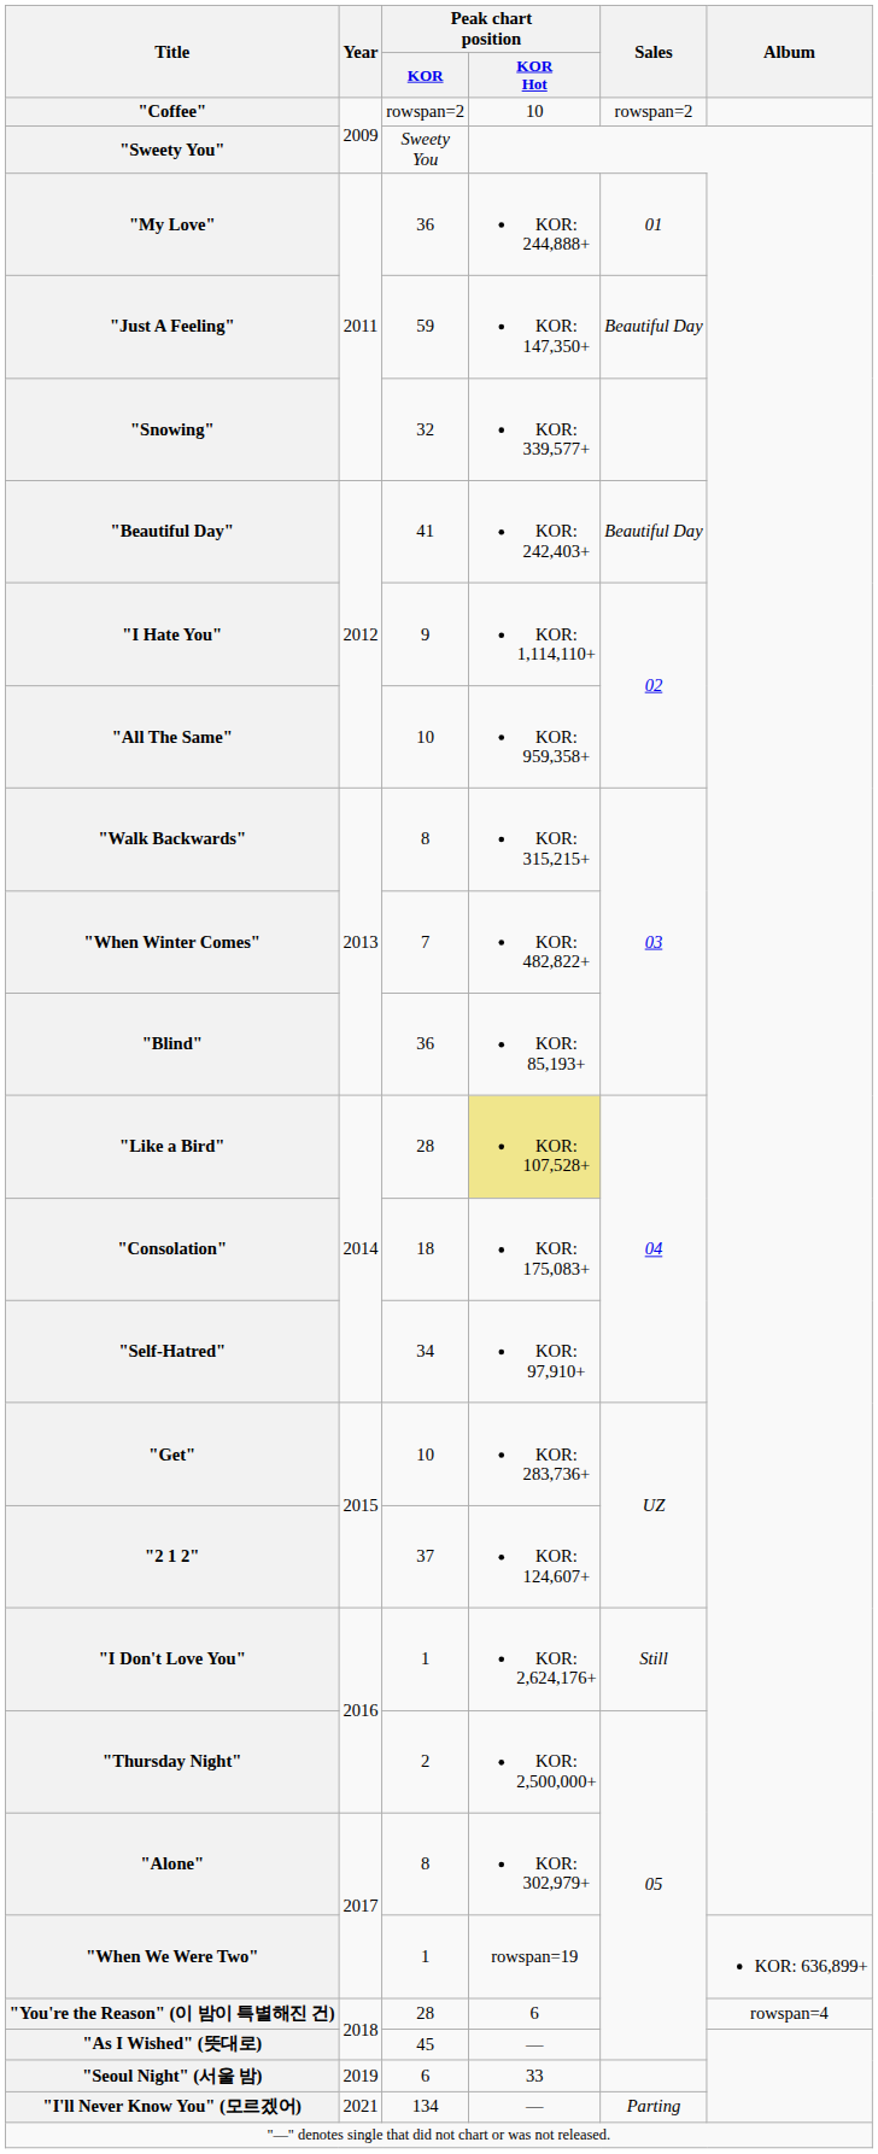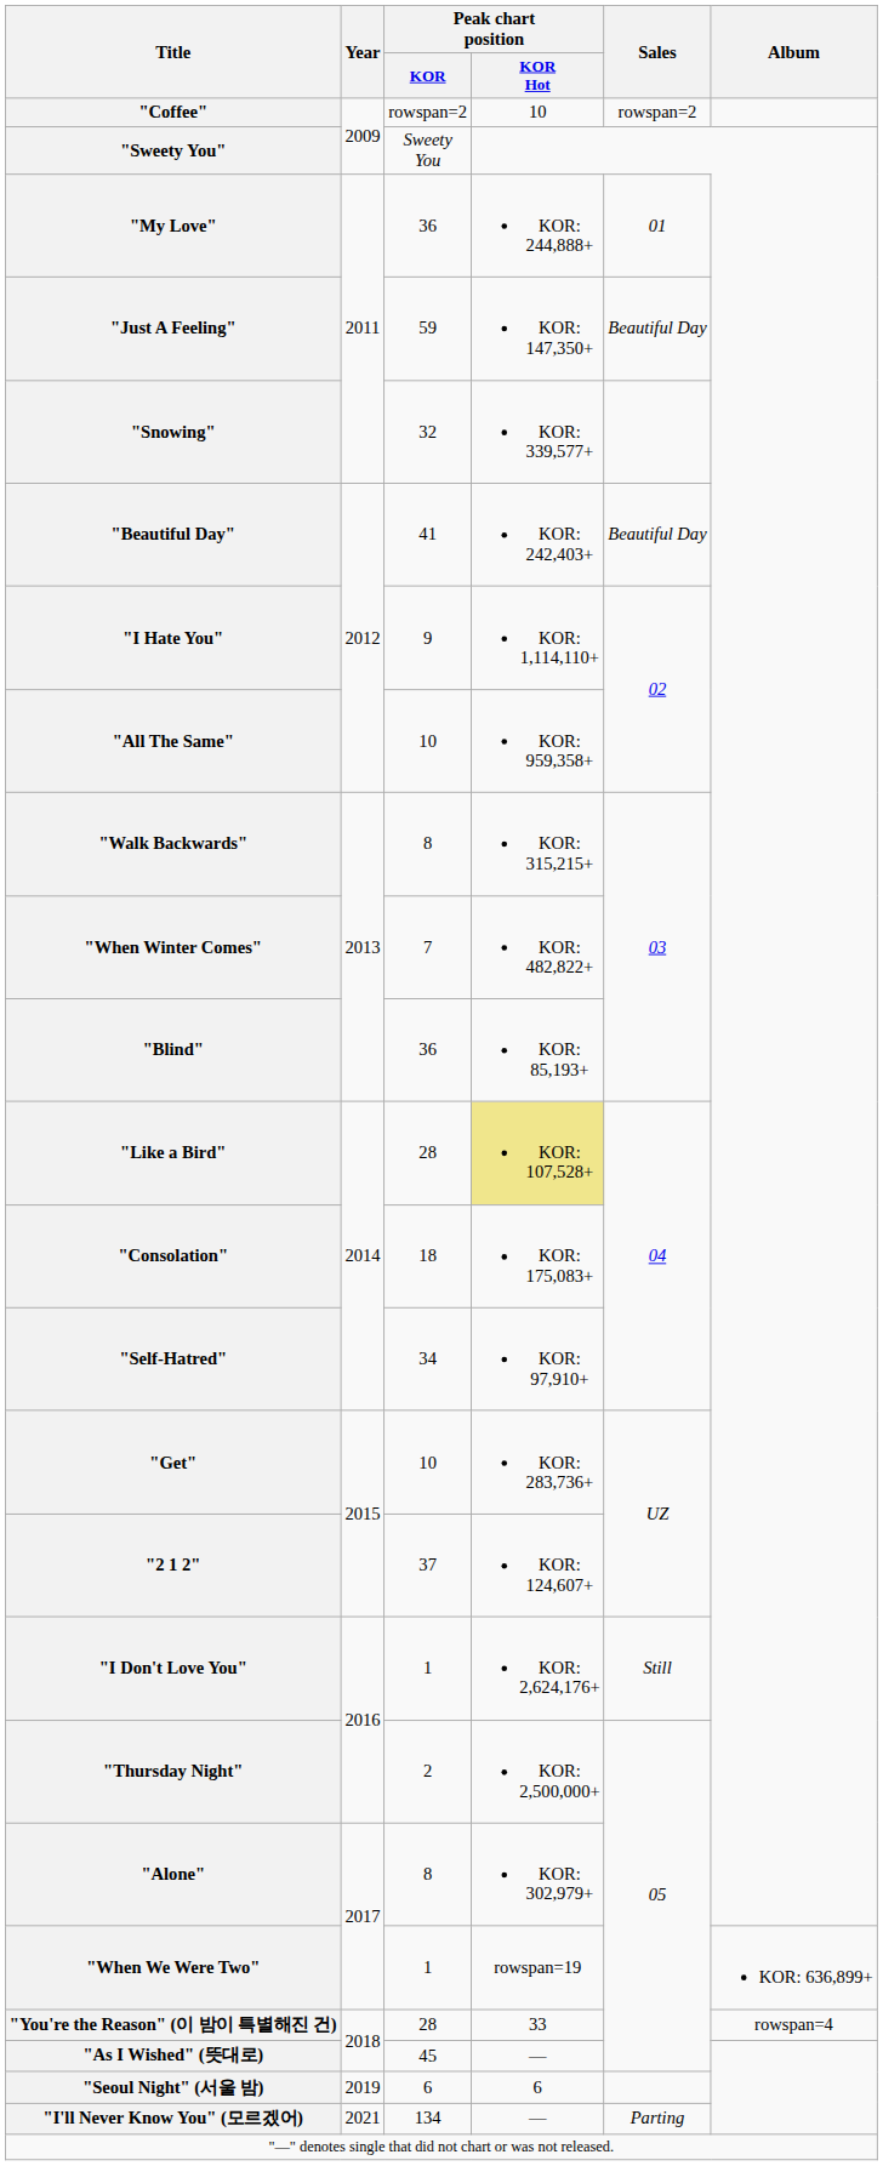 <table class="wikitable plainrowheaders" style="text-align:center">
 <tr>
 <th scope="col" rowspan="2">Title</th>
 <th scope="col" rowspan="2">Year</th>
 <th scope="col" colspan="2">Peak chart<br>position</th>
 <th scope="col" rowspan="2">Sales</th>
 <th scope="col" rowspan="2">Album</th>
 </tr>
 <tr>
 <th scope="col" style="width:2.5em;font-size:90%;"><a href='#'>KOR</a><br></th>
 <th scope="col" style="width:2.5em;font-size:90%;"><a href='#'>KOR<br>Hot</a><br></th>
 </tr>
 <tr>
 <th scope="row">"Coffee" </th>
 <td rowspan=2>2009</td>
 <td>rowspan=2 </td>
 <td>10</td>
 <td>rowspan=2 </td>
 <td></td>
 </tr>
 <tr>
 <th scope="row">"Sweety You"</th>
 <td><em>Sweety You</em></td>
 </tr>
 <tr>
 <th scope="row">"My Love" </th>
 <td rowspan="3">2011</td>
 <td>36</td>
 <td><br><ul><li>KOR: 244,888+</li></ul></td>
 <td><em>01</em></td>
 </tr>
 <tr>
 <th scope="row">"Just A Feeling"</th>
 <td>59</td>
 <td><br><ul><li>KOR: 147,350+</li></ul></td>
 <td><em>Beautiful Day</em></td>
 </tr>
 <tr>
 <th scope="row">"Snowing"</th>
 <td>32</td>
 <td><br><ul><li>KOR: 339,577+</li></ul></td>
 <td></td>
 </tr>
 <tr>
 <th scope="row">"Beautiful Day"</th>
 <td rowspan="3">2012</td>
 <td>41</td>
 <td><br><ul><li>KOR: 242,403+</li></ul></td>
 <td><em>Beautiful Day</em></td>
 </tr>
 <tr>
 <th scope="row">"I Hate You" </th>
 <td>9</td>
 <td><br><ul><li>KOR: 1,114,110+</li></ul></td>
 <td rowspan=2><em><a href='#'>02</a></em></td>
 </tr>
 <tr>
 <th scope="row">"All The Same" </th>
 <td>10</td>
 <td><br><ul><li>KOR: 959,358+ </li></ul></td>
 </tr>
 <tr>
 <th scope="row">"Walk Backwards" </th>
 <td rowspan=3>2013</td>
 <td>8</td>
 <td><br><ul><li>KOR: 315,215+</li></ul></td>
 <td rowspan=3><em><a href='#'>03</a></em></td>
 </tr>
 <tr>
 <th scope="row">"When Winter Comes" </th>
 <td>7</td>
 <td><br><ul><li>KOR: 482,822+</li></ul></td>
 </tr>
 <tr>
 <th scope="row">"Blind" </th>
 <td>36</td>
 <td><br><ul><li>KOR: 85,193+</li></ul></td>
 </tr>
 <tr>
 <th scope="row">"Like a Bird"</th>
 <td rowspan="3">2014</td>
 <td>28</td>
 <td style="background: khaki;"><br><ul><li>KOR: 107,528+</li></ul></td>
 <td rowspan="3"><em><a href='#'>04</a></em></td>
 </tr>
 <tr>
 <th scope="row">"Consolation" </th>
 <td>18</td>
 <td><br><ul><li>KOR: 175,083+</li></ul></td>
 </tr>
 <tr>
 <th scope="row">"Self-Hatred" </th>
 <td>34</td>
 <td><br><ul><li>KOR: 97,910+</li></ul></td>
 </tr>
 <tr>
 <th scope="row">"Get"<br></th>
 <td rowspan=2>2015</td>
 <td>10</td>
 <td><br><ul><li>KOR: 283,736+</li></ul></td>
 <td rowspan=2><em>UZ</em></td>
 </tr>
 <tr>
 <th scope="row">"2 1 2" </th>
 <td>37</td>
 <td><br><ul><li>KOR: 124,607+</li></ul></td>
 </tr>
 <tr>
 <th scope="row">"I Don't Love You" </th>
 <td rowspan="2">2016</td>
 <td>1</td>
 <td><br><ul><li>KOR: 2,624,176+</li></ul></td>
 <td><em>Still</em></td>
 </tr>
 <tr>
 <th scope="row">"Thursday Night" </th>
 <td>2</td>
 <td><br><ul><li>KOR: 2,500,000+</li></ul></td>
 <td rowspan="5"><em>05</em></td>
 </tr>
 <tr>
 <th scope="row">"Alone" </th>
 <td rowspan="2">2017</td>
 <td>8</td>
 <td><br><ul><li>KOR: 302,979+</li></ul></td>
 </tr>
 <tr>
 <th scope="row">"When We Were Two" </th>
 <td>1</td>
 <td>rowspan=19 </td>
 <td><br><ul><li>KOR: 636,899+</li></ul></td>
 </tr>
 <tr>
 <th scope="row">"You're the Reason" (이 밤이 특별해진 건)</th>
 <td rowspan=2>2018</td>
 <td>28</td>
-<td>6</td>
+<td>33</td>
 <td>rowspan=4 </td>
 </tr>
 <tr>
 <th scope="row">"As I Wished" (뜻대로)</th>
 <td>45</td>
 <td>—</td>
 </tr>
 <tr>
 <th scope="row">"Seoul Night" (서울 밤)<br></th>
 <td>2019</td>
 <td>6</td>
-<td>33</td>
+<td>6</td>
 <td></td>
 </tr>
 <tr>
 <th scope="row">"I'll Never Know You" (모르겠어)</th>
 <td>2021</td>
 <td>134</td>
 <td>—</td>
 <td><em>Parting</em></td>
 </tr>
 <tr>
 <td colspan="6" style="font-size:85%">"—" denotes single that did not chart or was not released.</td>
 </tr>
 </table>
